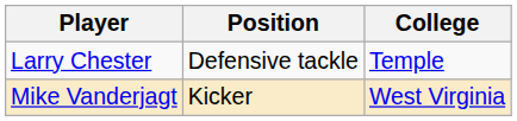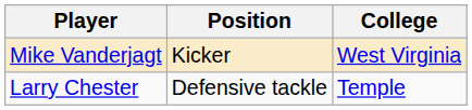 <table class="wikitable">
 <tr>
 <th>Player</th>
 <th>Position</th>
 <th>College</th>
 </tr>
+<tr style="background:#faecc8;">
+<td><a href='#'>Mike Vanderjagt</a></td>
+<td>Kicker</td>
+<td><a href='#'>West Virginia</a></td>
+</tr>
 <tr>
 <td><a href='#'>Larry Chester</a></td>
 <td>Defensive tackle</td>
 <td><a href='#'>Temple</a></td>
 </tr>
-<tr style="background:#faecc8;">
-<td><a href='#'>Mike Vanderjagt</a></td>
-<td>Kicker</td>
-<td><a href='#'>West Virginia</a></td>
-</tr>
 </table>
